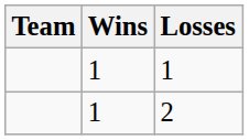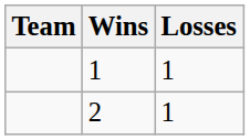 <table class=wikitable>
 <tr>
 <th>Team</th>
 <th>Wins</th>
 <th>Losses</th>
 </tr>
 <tr>
 <td><strong></strong></td>
 <td>1</td>
 <td>1</td>
 </tr>
 <tr>
 <td></td>
+<td>2</td>
 <td>1</td>
-<td>2</td>
 </tr>
 </table>
